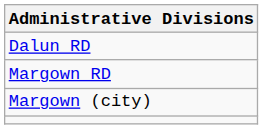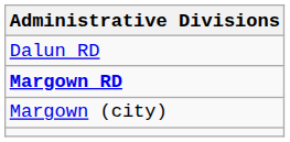 <table class="wikitable">
 <tr>
 <th>Administrative Divisions</th>
 </tr>
 <tr>
 <td><a href='#'>Dalun RD</a></td>
 </tr>
 <tr>
-<td><a href='#'>Margown RD</a></td>
+<td><strong><a href='#'>Margown RD</a></strong></td>
 </tr>
 <tr>
 <td><a href='#'>Margown</a> (city)</td>
 </tr>
 <tr>
 <td colspan=1></td>
 </tr>
 </table>
